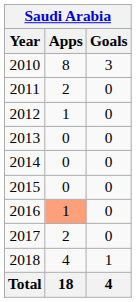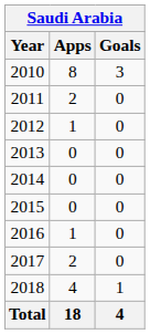 <table class="wikitable" style="text-align:center">
 <tr>
 <th colspan=3><a href='#'>Saudi Arabia</a></th>
 </tr>
 <tr>
 <th>Year</th>
 <th>Apps</th>
 <th>Goals</th>
 </tr>
 <tr>
 <td>2010</td>
 <td>8</td>
 <td>3</td>
 </tr>
 <tr>
 <td>2011</td>
 <td>2</td>
 <td>0</td>
 </tr>
 <tr>
 <td>2012</td>
 <td>1</td>
 <td>0</td>
 </tr>
 <tr>
 <td>2013</td>
 <td>0</td>
 <td>0</td>
 </tr>
 <tr>
 <td>2014</td>
 <td>0</td>
 <td>0</td>
 </tr>
 <tr>
 <td>2015</td>
 <td>0</td>
 <td>0</td>
 </tr>
 <tr>
 <td>2016</td>
-<td style="background: lightsalmon;">1</td>
+<td>1</td>
 <td>0</td>
 </tr>
 <tr>
 <td>2017</td>
 <td>2</td>
 <td>0</td>
 </tr>
 <tr>
 <td>2018</td>
 <td>4</td>
 <td>1</td>
 </tr>
 <tr>
 <th>Total</th>
 <th>18</th>
 <th>4</th>
 </tr>
 </table>
